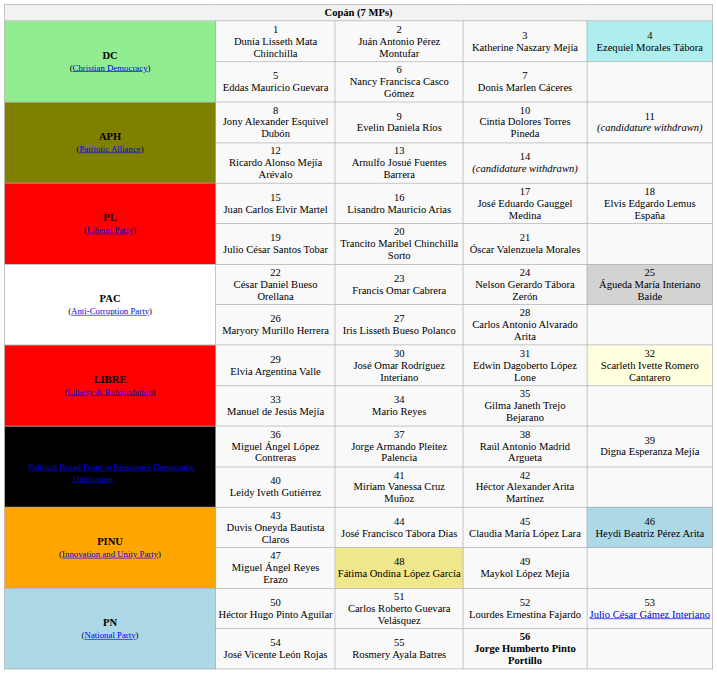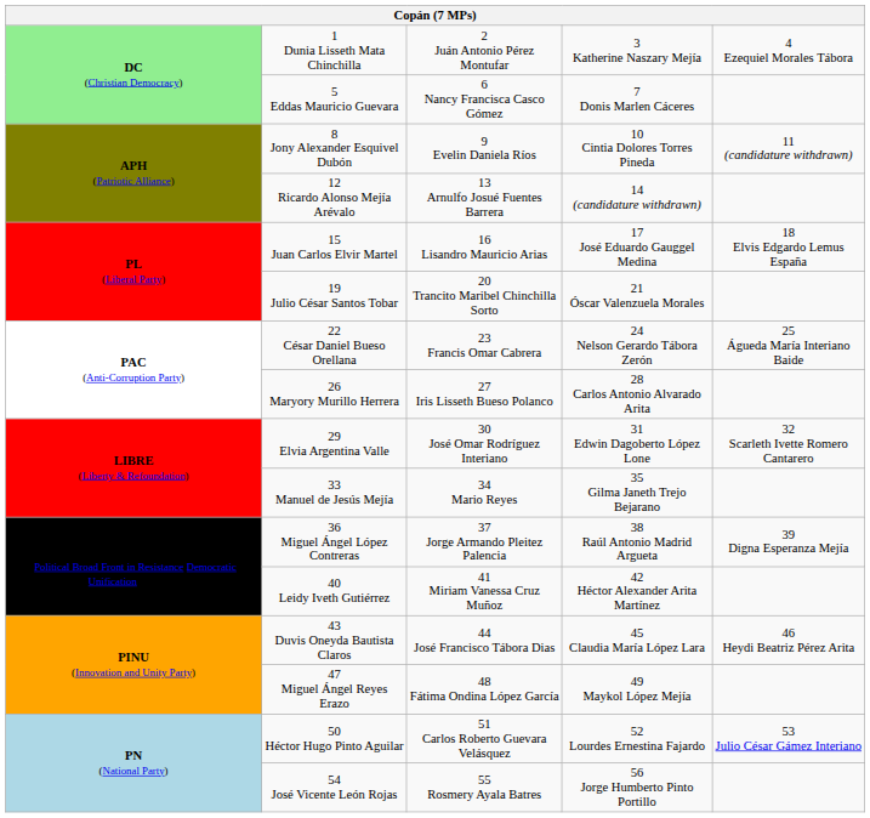 <table class="wikitable" align="center" style="width: 85%">
 <tr>
 <th colspan=24>Copán (7 MPs)</th>
 </tr>
 <tr align="center">
 <td bgcolor="lightgreen" rowspan=2><span><span><strong>DC</strong></span></span><br><small>(<a href='#'>Christian Democracy</a>)</small></td>
 <td>1<br>Dunia Lisseth Mata Chinchilla</td>
 <td>2<br>Juán Antonio Pérez Montufar</td>
 <td>3<br>Katherine Naszary Mejía</td>
-<td style="background: paleturquoise;">4<br>Ezequiel Morales Tábora</td>
+<td>4<br>Ezequiel Morales Tábora</td>
 </tr>
 <tr align="center">
 <td>5<br>Eddas Mauricio Guevara</td>
 <td>6<br>Nancy Francisca Casco Gómez</td>
 <td>7<br>Donis Marlen Cáceres</td>
 </tr>
 <tr align="center">
 <td bgcolor="olive" rowspan=2><span><span><strong>APH</strong></span></span><br><small>(<a href='#'>Patriotic Alliance</a>)</small></td>
 <td>8<br>Jony Alexander Esquivel Dubón</td>
 <td>9<br>Evelin Daniela Ríos</td>
 <td>10<br>Cintia Dolores Torres Pineda</td>
 <td>11<br><em>(candidature withdrawn)</em></td>
 </tr>
 <tr align="center">
 <td>12<br>Ricardo Alonso Mejía Arévalo</td>
 <td>13<br>Arnulfo Josué Fuentes Barrera</td>
 <td>14<br><em>(candidature withdrawn)</em></td>
 </tr>
 <tr align="center">
 <td bgcolor="red" rowspan=2><span><span><strong>PL</strong></span></span><br><small>(<a href='#'>Liberal Party</a>)</small></td>
 <td>15<br>Juan Carlos Elvir Martel</td>
 <td>16<br>Lisandro Mauricio Arias</td>
 <td>17<br>José Eduardo Gauggel Medina</td>
 <td>18<br>Elvis Edgardo Lemus España</td>
 </tr>
 <tr align="center">
 <td>19<br>Julio César Santos Tobar</td>
 <td>20<br>Trancito Maribel Chinchilla Sorto</td>
 <td>21<br>Óscar Valenzuela Morales</td>
 </tr>
 <tr align="center">
 <td bgcolor="white" rowspan=2><span><span><strong>PAC</strong></span></span><br><small>(<a href='#'>Anti-Corruption Party</a>)</small></td>
 <td>22<br>César Daniel Bueso Orellana</td>
 <td>23<br>Francis Omar Cabrera</td>
 <td>24<br>Nelson Gerardo Tábora Zerón</td>
-<td style="background: lightgrey;">25<br>Águeda María Interiano Baide</td>
+<td>25<br>Águeda María Interiano Baide</td>
 </tr>
 <tr align="center">
 <td>26<br>Maryory Murillo Herrera</td>
 <td>27<br>Iris Lisseth Bueso Polanco</td>
 <td>28<br>Carlos Antonio Alvarado Arita</td>
 </tr>
 <tr align="center">
 <td bgcolor="red" rowspan=2><span><span><strong>LIBRE</strong></span></span><br><small>(<a href='#'>Liberty & Refoundation</a>)</small></td>
 <td>29<br>Elvia Argentina Valle</td>
 <td>30<br>José Omar Rodríguez Interiano</td>
 <td>31<br>Edwin Dagoberto López Lone</td>
-<td style="background: lightyellow;">32<br>Scarleth Ivette Romero Cantarero</td>
+<td>32<br>Scarleth Ivette Romero Cantarero</td>
 </tr>
 <tr align="center">
 <td>33<br>Manuel de Jesús Mejía</td>
 <td>34<br>Mario Reyes</td>
 <td>35<br>Gilma Janeth Trejo Bejarano</td>
 </tr>
 <tr align="center">
 <td bgcolor="black" rowspan=2><span><span><strong>UD/FAPER</strong></span></span><br><small>(<a href='#'>Political Broad Front in Resistance</a>/<a href='#'>Democratic Unification</a> Alliance)</small></td>
 <td>36<br>Miguel Ángel López Contreras</td>
 <td>37<br>Jorge Armando Pleitez Palencia</td>
 <td>38<br>Raúl Antonio Madrid Argueta</td>
 <td>39<br>Digna Esperanza Mejía</td>
 </tr>
 <tr align="center">
 <td>40<br>Leidy Iveth Gutiérrez</td>
 <td>41<br>Miriam Vanessa Cruz Muñoz</td>
 <td>42<br>Héctor Alexander Arita Martínez</td>
 </tr>
 <tr align="center">
 <td bgcolor="orange" rowspan=2><span><span><strong>PINU</strong></span></span><br><small>(<a href='#'>Innovation and Unity Party</a>)</small></td>
 <td>43<br>Duvis Oneyda Bautista Claros</td>
 <td>44<br>José Francisco Tábora Dias</td>
 <td>45<br>Claudia María López Lara</td>
-<td style="background: lightblue;">46<br>Heydi Beatriz Pérez Arita</td>
+<td>46<br>Heydi Beatriz Pérez Arita</td>
 </tr>
 <tr align="center">
 <td>47<br>Miguel Ángel Reyes Erazo</td>
-<td style="background: khaki;">48<br>Fátima Ondina López García</td>
+<td>48<br>Fátima Ondina López García</td>
 <td>49<br>Maykol López Mejía</td>
 </tr>
 <tr align="center">
 <td bgcolor="lightblue" rowspan=2><span><span><strong>PN</strong></span></span><br><small>(<a href='#'>National Party</a>)</small></td>
 <td>50<br>Héctor Hugo Pinto Aguilar</td>
 <td>51<br>Carlos Roberto Guevara Velásquez</td>
 <td>52<br>Lourdes Ernestina Fajardo</td>
 <td>53<br><a href='#'>Julio César Gámez Interiano</a></td>
 </tr>
 <tr align="center">
 <td>54<br>José Vicente León Rojas</td>
 <td>55<br>Rosmery Ayala Batres</td>
-<td><strong>56<br>Jorge Humberto Pinto Portillo</strong></td>
+<td>56<br>Jorge Humberto Pinto Portillo</td>
 </tr>
 </table>
